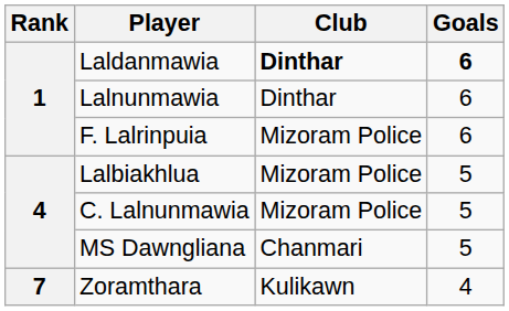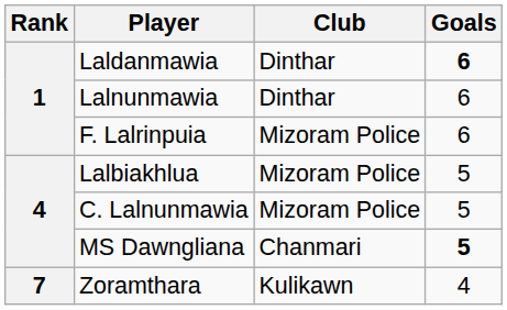 <table class="wikitable">
 <tr>
 <th>Rank</th>
 <th>Player</th>
 <th>Club</th>
 <th>Goals</th>
 </tr>
 <tr>
 <th rowspan=3>1</th>
 <td> Laldanmawia</td>
-<td><strong>Dinthar</strong></td>
+<td>Dinthar</td>
 <td style="text-align:center;"><strong>6</strong></td>
 </tr>
 <tr>
 <td> Lalnunmawia</td>
 <td>Dinthar</td>
 <td style="text-align:center;">6</td>
 </tr>
 <tr>
 <td> F. Lalrinpuia</td>
 <td>Mizoram Police</td>
 <td style="text-align:center;">6</td>
 </tr>
 <tr>
 <th rowspan=3>4</th>
 <td> Lalbiakhlua</td>
 <td>Mizoram Police</td>
 <td style="text-align:center;">5</td>
 </tr>
 <tr>
 <td> C. Lalnunmawia</td>
 <td>Mizoram Police</td>
 <td style="text-align:center;">5</td>
 </tr>
 <tr>
 <td> MS Dawngliana</td>
 <td>Chanmari</td>
-<td style="text-align:center;">5</td>
+<td style="text-align:center;"><strong>5</strong></td>
 </tr>
 <tr>
 <th rowspan=1>7</th>
 <td> Zoramthara</td>
 <td>Kulikawn</td>
 <td style="text-align:center;">4</td>
 </tr>
 </table>
